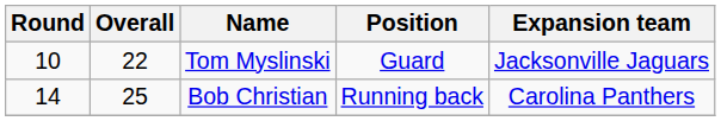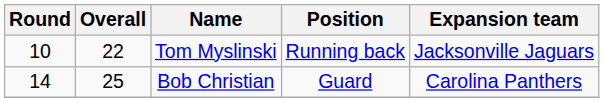 <table class="wikitable" style="text-align:center">
 <tr>
 <th>Round</th>
 <th>Overall</th>
 <th>Name</th>
 <th>Position</th>
 <th>Expansion team</th>
 </tr>
 <tr>
 <td>10</td>
 <td>22</td>
 <td><a href='#'>Tom Myslinski</a></td>
-<td><a href='#'>Guard</a></td>
+<td><a href='#'>Running back</a></td>
 <td><a href='#'>Jacksonville Jaguars</a></td>
 </tr>
 <tr>
 <td>14</td>
 <td>25</td>
 <td><a href='#'>Bob Christian</a></td>
-<td><a href='#'>Running back</a></td>
+<td><a href='#'>Guard</a></td>
 <td><a href='#'>Carolina Panthers</a></td>
 </tr>
 <tr>
 </tr>
 </table>
